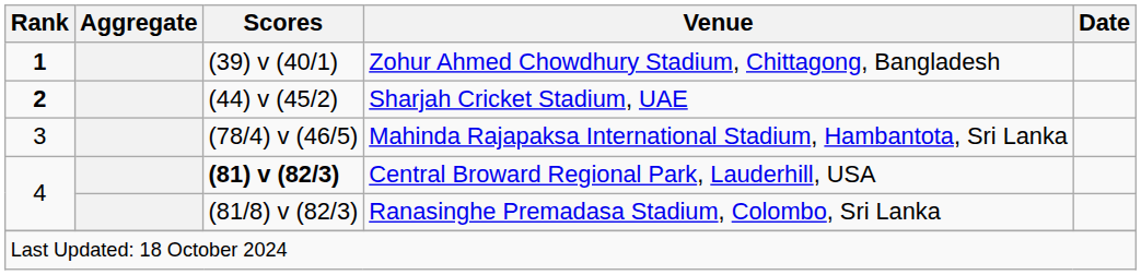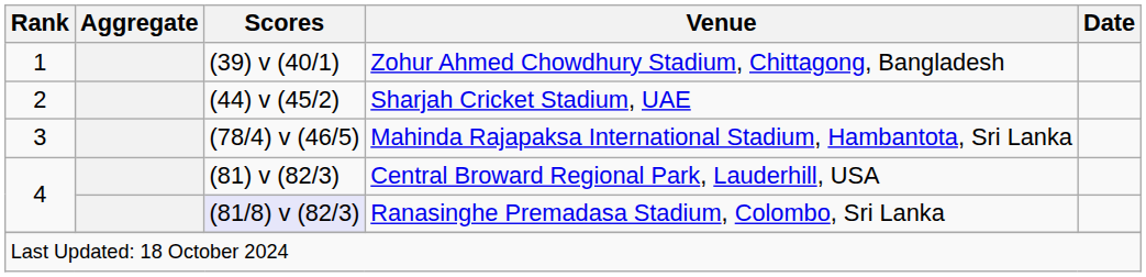 <table class="wikitable plainrowheaders sortable">
 <tr>
 <th scope=col>Rank</th>
 <th scope=col>Aggregate</th>
 <th scope=col>Scores</th>
 <th scope=col>Venue</th>
 <th scope=col>Date</th>
 </tr>
 <tr>
-<td align=center><strong>1</strong></td>
+<td align=center>1</td>
 <th scope=row style=text-align:center;></th>
 <td> (39) v  (40/1)</td>
 <td><a href='#'>Zohur Ahmed Chowdhury Stadium</a>, <a href='#'>Chittagong</a>, Bangladesh</td>
 <td> </td>
 </tr>
 <tr>
-<td align=center><strong>2</strong></td>
+<td align=center>2</td>
 <th scope=row style=text-align:center;></th>
 <td> (44) v  (45/2)</td>
 <td><a href='#'>Sharjah Cricket Stadium</a>, <a href='#'>UAE</a></td>
 <td> </td>
 </tr>
 <tr>
 <td align="center">3</td>
 <th scope=row style=text-align:center;></th>
 <td> (78/4) v  (46/5)</td>
 <td><a href='#'>Mahinda Rajapaksa International Stadium</a>, <a href='#'>Hambantota</a>, Sri Lanka</td>
 <td> </td>
 </tr>
 <tr>
 <td align=center rowspan=2>4</td>
 <th scope="row" style="text-align:center;"></th>
-<td><strong> (81) v  (82/3)</strong></td>
+<td> (81) v  (82/3)</td>
 <td><a href='#'>Central Broward Regional Park</a>, <a href='#'>Lauderhill</a>, USA</td>
 <td></td>
 </tr>
 <tr>
 <th scope=row style=text-align:center;></th>
-<td> (81/8) v  (82/3)</td>
+<td style="background: lavender;"> (81/8) v  (82/3)</td>
 <td><a href='#'>Ranasinghe Premadasa Stadium</a>, <a href='#'>Colombo</a>, Sri Lanka</td>
 <td></td>
 </tr>
 <tr>
 </tr>
 <tr class=sortbottom>
 <td colspan=5><small>Last Updated: 18 October 2024</small></td>
 </tr>
 </table>
